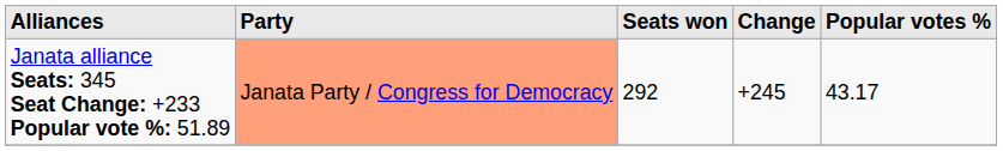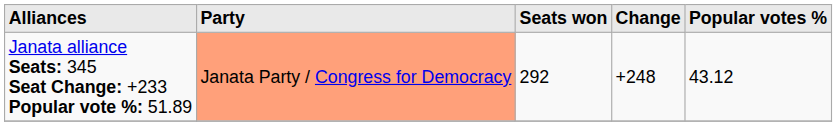 <table class="wikitable sortable">
 <tr>
 <th style="background-color:#E9E9E9;text-align:left;vertical-align:top;">Alliances</th>
 <th style="background-color:#E9E9E9;text-align:left;vertical-align:top;">Party</th>
 <th style="background-color:#E9E9E9;text-align:right;">Seats won</th>
 <th style="background-color:#E9E9E9;text-align:right;">Change</th>
 <th style="background-color:#E9E9E9;text-align:right;">Popular votes %</th>
 </tr>
 <tr>
 <td style="text-align:left;vertical-align:top;" rowspan=1><a href='#'>Janata alliance</a><br><strong>Seats: </strong> 345 <br><strong>Seat Change: </strong>+233<br><strong>Popular vote %: </strong> 51.89</td>
 <td style="background: lightsalmon; text-align:left;">Janata Party / <a href='#'>Congress for Democracy</a></td>
 <td>292</td>
-<td>+245</td>
-<td>43.17</td>
+<td>+248</td>
+<td>43.12</td>
 </tr>
 <tr>
 </tr>
 </table>
